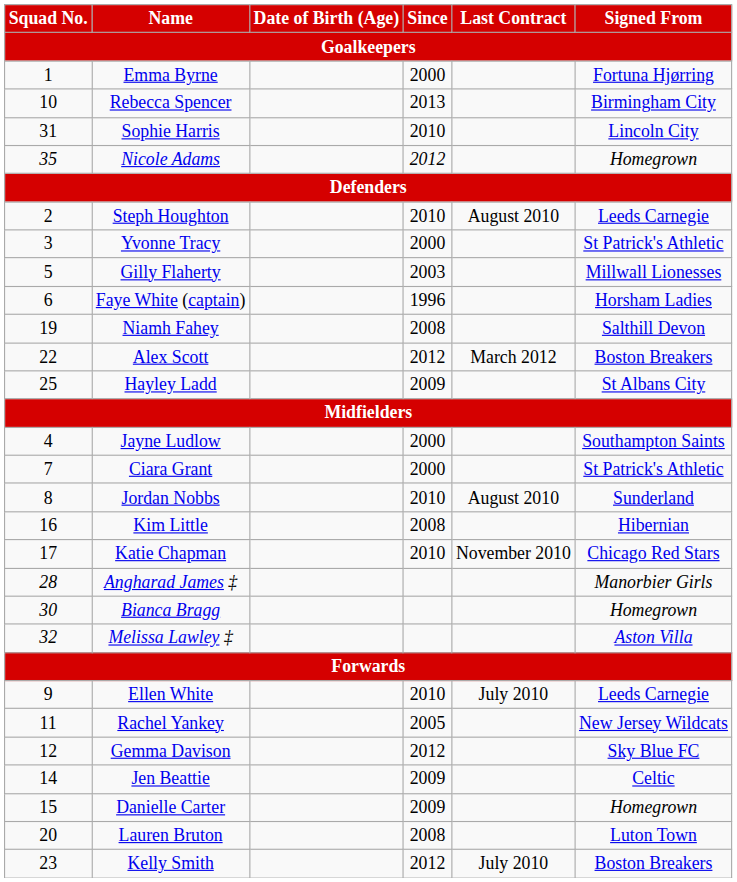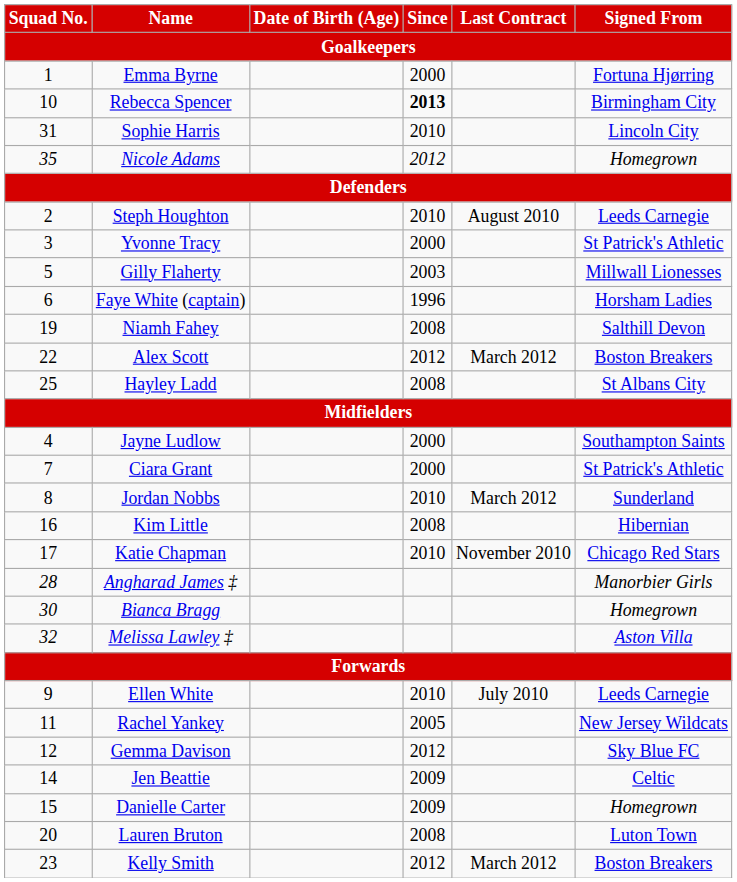 <table class="wikitable" style="text-align:center; font-size:100%; ">
 <tr>
 <th style="background:#d50000; color:white; text-align:center;">Squad No.</th>
 <th style="background:#d50000; color:white; text-align:center;">Name</th>
 <th style="background:#d50000; color:white; text-align:center;">Date of Birth (Age)</th>
 <th style="background:#d50000; color:white; text-align:center;">Since</th>
 <th style="background:#d50000; color:white; text-align:center;">Last Contract</th>
 <th style="background:#d50000; color:white; text-align:center;">Signed From</th>
 </tr>
 <tr>
 <th colspan="6" style="background:#d50000; color:white; text-align:center">Goalkeepers</th>
 </tr>
 <tr>
 <td>1</td>
 <td> <a href='#'>Emma Byrne</a></td>
 <td></td>
 <td>2000</td>
 <td></td>
 <td> <a href='#'>Fortuna Hjørring</a></td>
 </tr>
 <tr>
 <td>10</td>
 <td><em></em> <a href='#'>Rebecca Spencer</a></td>
 <td></td>
-<td>2013</td>
+<td><strong>2013</strong></td>
 <td></td>
 <td><em></em> <a href='#'>Birmingham City</a></td>
 </tr>
 <tr>
 <td>31</td>
 <td> <a href='#'>Sophie Harris</a></td>
 <td></td>
 <td>2010</td>
 <td></td>
 <td> <a href='#'>Lincoln City</a></td>
 </tr>
 <tr>
 <td><em>35</em></td>
 <td><em> <a href='#'>Nicole Adams</a></em></td>
 <td><em></em></td>
 <td><em>2012</em></td>
 <td></td>
 <td><em>Homegrown</em></td>
 </tr>
 <tr>
 <th colspan="6" style="background:#d50000; color:white; text-align:center">Defenders</th>
 </tr>
 <tr>
 <td>2</td>
 <td> <a href='#'>Steph Houghton</a></td>
 <td></td>
 <td>2010</td>
 <td>August 2010</td>
 <td> <a href='#'>Leeds Carnegie</a></td>
 </tr>
 <tr>
 <td>3</td>
 <td> <a href='#'>Yvonne Tracy</a></td>
 <td></td>
 <td>2000</td>
 <td></td>
 <td> <a href='#'>St Patrick's Athletic</a></td>
 </tr>
 <tr>
 <td>5</td>
 <td> <a href='#'>Gilly Flaherty</a></td>
 <td></td>
 <td>2003</td>
 <td></td>
 <td> <a href='#'>Millwall Lionesses</a></td>
 </tr>
 <tr>
 <td>6</td>
 <td> <a href='#'>Faye White</a> (<a href='#'>captain</a>)</td>
 <td></td>
 <td>1996</td>
 <td></td>
 <td> <a href='#'>Horsham Ladies</a></td>
 </tr>
 <tr>
 <td>19</td>
 <td> <a href='#'>Niamh Fahey</a></td>
 <td></td>
 <td>2008</td>
 <td></td>
 <td> <a href='#'>Salthill Devon</a></td>
 </tr>
 <tr>
 <td>22</td>
 <td> <a href='#'>Alex Scott</a></td>
 <td></td>
 <td>2012</td>
 <td>March 2012</td>
 <td> <a href='#'>Boston Breakers</a></td>
 </tr>
 <tr>
 <td>25</td>
 <td> <a href='#'>Hayley Ladd</a></td>
 <td></td>
-<td>2009</td>
+<td>2008</td>
 <td></td>
 <td> <a href='#'>St Albans City</a></td>
 </tr>
 <tr>
 <th colspan="6" style="background:#d50000; color:white; text-align:center">Midfielders</th>
 </tr>
 <tr>
 <td>4</td>
 <td> <a href='#'>Jayne Ludlow</a></td>
 <td></td>
 <td>2000</td>
 <td></td>
 <td><em></em> <a href='#'>Southampton Saints</a></td>
 </tr>
 <tr>
 <td>7</td>
 <td> <a href='#'>Ciara Grant</a></td>
 <td></td>
 <td>2000</td>
 <td></td>
 <td> <a href='#'>St Patrick's Athletic</a></td>
 </tr>
 <tr>
 <td>8</td>
 <td> <a href='#'>Jordan Nobbs</a></td>
 <td></td>
 <td>2010</td>
-<td>August 2010</td>
+<td>March 2012</td>
 <td> <a href='#'>Sunderland</a></td>
 </tr>
 <tr>
 <td>16</td>
 <td> <a href='#'>Kim Little</a></td>
 <td></td>
 <td>2008</td>
 <td></td>
 <td> <a href='#'>Hibernian</a></td>
 </tr>
 <tr>
 <td>17</td>
 <td><em></em> <a href='#'>Katie Chapman</a></td>
 <td></td>
 <td>2010</td>
 <td>November 2010</td>
 <td> <a href='#'>Chicago Red Stars</a></td>
 </tr>
 <tr>
 <td><em>28</em></td>
 <td><em> <a href='#'>Angharad James</a> ‡</em></td>
 <td><em></em></td>
 <td></td>
 <td></td>
 <td><em> Manorbier Girls</em></td>
 </tr>
 <tr>
 <td><em>30</em></td>
 <td><em> <a href='#'>Bianca Bragg</a></em></td>
 <td><em></em></td>
 <td></td>
 <td></td>
 <td><em>Homegrown</em></td>
 </tr>
 <tr>
 <td><em>32</em></td>
 <td><em> <a href='#'>Melissa Lawley</a> ‡</em></td>
 <td><em></em></td>
 <td></td>
 <td></td>
 <td> <em><a href='#'>Aston Villa</a></em></td>
 </tr>
 <tr>
 <th colspan="6" style="background:#d50000; color:white; text-align:center">Forwards</th>
 </tr>
 <tr>
 <td>9</td>
 <td> <a href='#'>Ellen White</a></td>
 <td></td>
 <td>2010</td>
 <td>July 2010</td>
 <td> <a href='#'>Leeds Carnegie</a></td>
 </tr>
 <tr>
 <td>11</td>
 <td> <a href='#'>Rachel Yankey</a></td>
 <td></td>
 <td>2005</td>
 <td></td>
 <td> <a href='#'>New Jersey Wildcats</a></td>
 </tr>
 <tr>
 <td>12</td>
 <td> <a href='#'>Gemma Davison</a></td>
 <td></td>
 <td>2012</td>
 <td></td>
 <td> <a href='#'>Sky Blue FC</a></td>
 </tr>
 <tr>
 <td>14</td>
 <td> <a href='#'>Jen Beattie</a></td>
 <td></td>
 <td>2009</td>
 <td></td>
 <td> <a href='#'>Celtic</a></td>
 </tr>
 <tr>
 <td>15</td>
 <td> <a href='#'>Danielle Carter</a></td>
 <td></td>
 <td>2009</td>
 <td></td>
 <td><em>Homegrown</em></td>
 </tr>
 <tr>
 <td>20</td>
 <td> <a href='#'>Lauren Bruton</a></td>
 <td></td>
 <td>2008</td>
 <td></td>
 <td> <a href='#'>Luton Town</a></td>
 </tr>
 <tr>
 <td>23</td>
 <td> <a href='#'>Kelly Smith</a></td>
 <td></td>
 <td>2012</td>
-<td>July 2010</td>
+<td>March 2012</td>
 <td> <a href='#'>Boston Breakers</a></td>
 </tr>
 </table>
